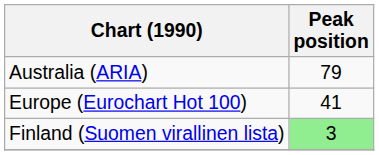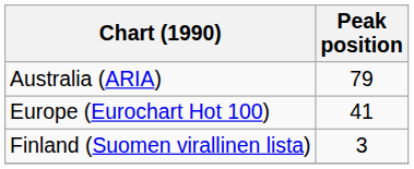 <table class="wikitable sortable">
 <tr>
 <th>Chart (1990)</th>
 <th>Peak<br>position</th>
 </tr>
 <tr>
 <td align="left">Australia (<a href='#'>ARIA</a>)</td>
 <td align="center">79</td>
 </tr>
 <tr>
 <td align="left">Europe (<a href='#'>Eurochart Hot 100</a>)</td>
 <td align="center">41</td>
 </tr>
 <tr>
 <td align="left">Finland (<a href='#'>Suomen virallinen lista</a>)</td>
-<td align="center" style="background: lightgreen;">3</td>
+<td align="center">3</td>
 </tr>
 <tr>
 </tr>
 <tr>
 </tr>
 <tr>
 </tr>
 <tr>
 </tr>
 <tr>
 </tr>
 <tr>
 </tr>
 <tr>
 </tr>
 </table>
